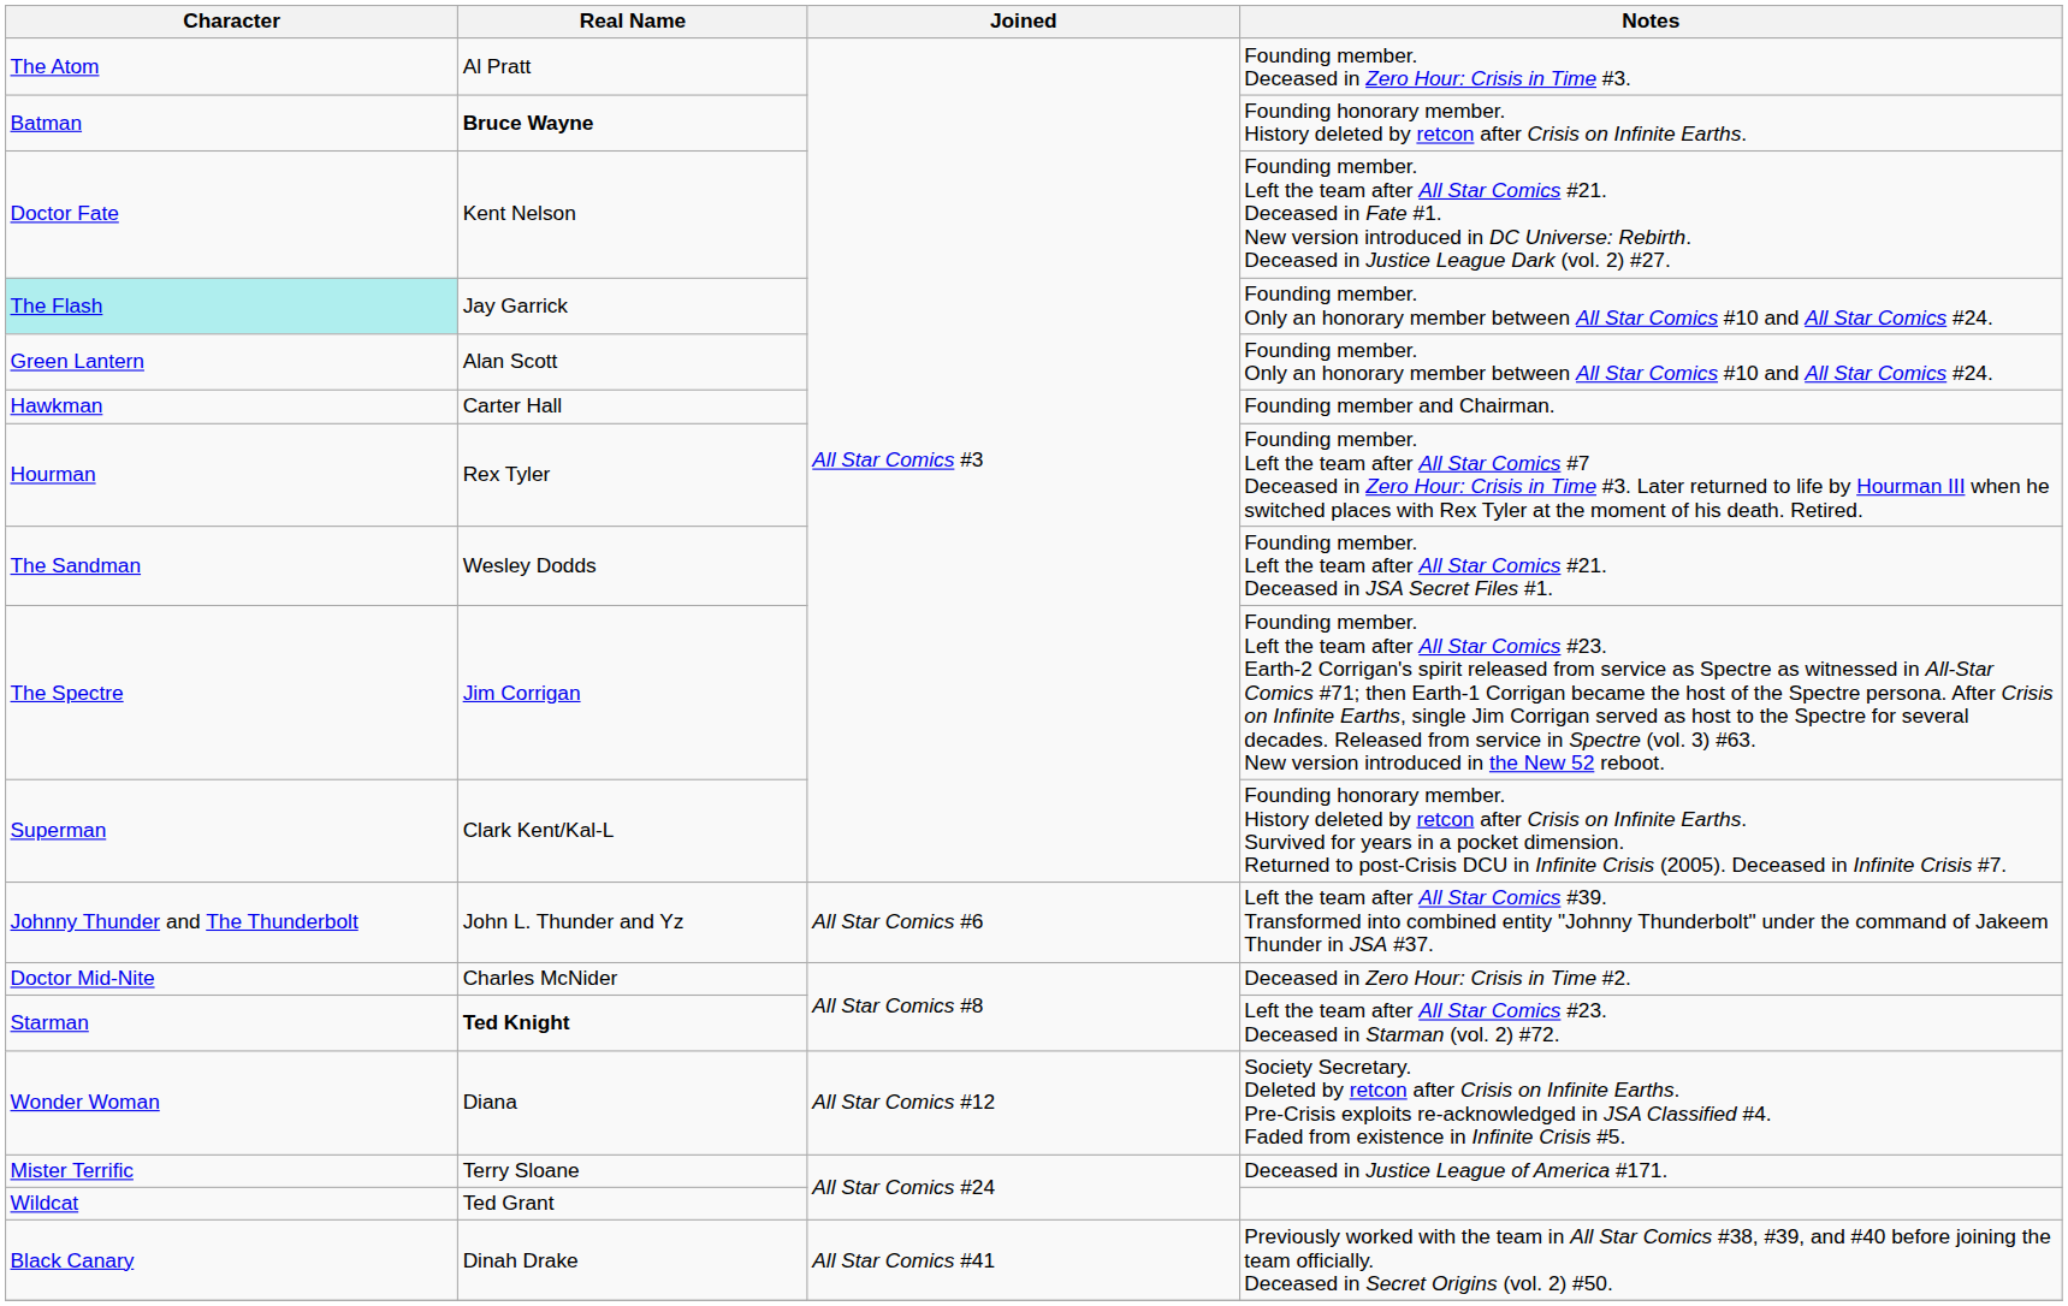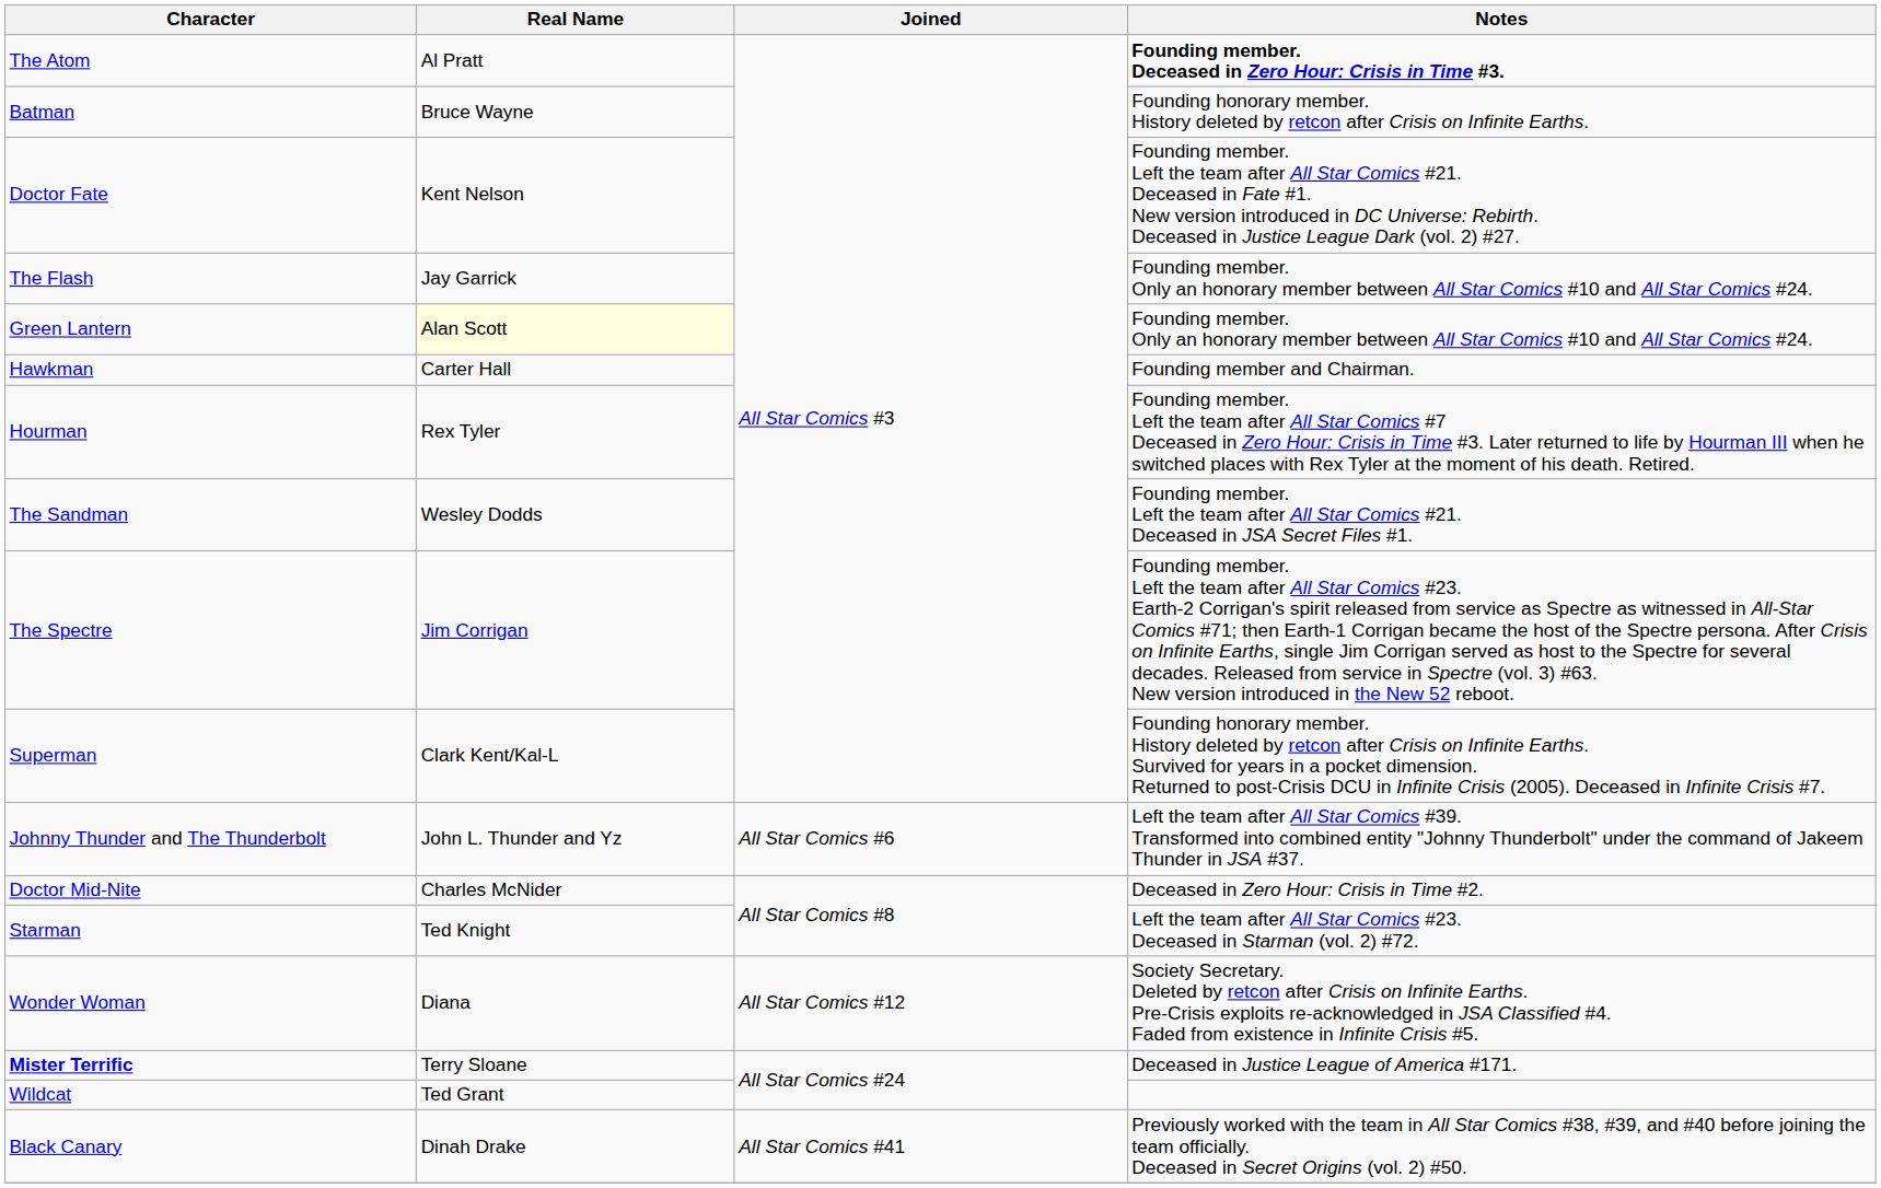 <table class="wikitable" width=100%>
 <tr>
 <th width=22%>Character</th>
 <th width=17%>Real Name</th>
 <th width=21%>Joined</th>
 <th width=40%>Notes</th>
 </tr>
 <tr>
 <td><a href='#'>The Atom</a></td>
 <td>Al Pratt</td>
 <td rowspan="10"><em><a href='#'>All Star Comics</a></em> #3</td>
-<td>Founding member. <br>Deceased in <em><a href='#'>Zero Hour: Crisis in Time</a></em> #3.</td>
+<td><strong>Founding member. <br>Deceased in <em><a href='#'>Zero Hour: Crisis in Time</a></em> #3.</strong></td>
 </tr>
 <tr>
 <td><a href='#'>Batman</a></td>
-<td><strong>Bruce Wayne</strong></td>
+<td>Bruce Wayne</td>
 <td>Founding honorary member. <br>History deleted by <a href='#'>retcon</a> after <em>Crisis on Infinite Earths</em>.</td>
 </tr>
 <tr>
 <td><a href='#'>Doctor Fate</a></td>
 <td>Kent Nelson</td>
 <td>Founding member. <br> Left the team after <em><a href='#'>All Star Comics</a></em> #21. <br>Deceased in <em>Fate</em> #1.<br>New version introduced in <em>DC Universe: Rebirth</em>.<br>Deceased in <em>Justice League Dark</em> (vol. 2) #27.</td>
 </tr>
 <tr>
-<td style="background: paleturquoise;"><a href='#'>The Flash</a></td>
+<td><a href='#'>The Flash</a></td>
 <td>Jay Garrick</td>
 <td>Founding member. <br> Only an honorary member between <em><a href='#'>All Star Comics</a></em> #10 and <em><a href='#'>All Star Comics</a></em> #24.</td>
 </tr>
 <tr>
 <td><a href='#'>Green Lantern</a></td>
-<td>Alan Scott</td>
+<td style="background: lightyellow;">Alan Scott</td>
 <td>Founding member. <br> Only an honorary member between <em><a href='#'>All Star Comics</a></em> #10 and <em><a href='#'>All Star Comics</a></em> #24.</td>
 </tr>
 <tr>
 <td><a href='#'>Hawkman</a></td>
 <td>Carter Hall</td>
 <td>Founding member and Chairman.</td>
 </tr>
 <tr>
 <td><a href='#'>Hourman</a></td>
 <td>Rex Tyler</td>
 <td>Founding member. <br> Left the team after <em><a href='#'>All Star Comics</a></em> #7 <br>Deceased in <em><a href='#'>Zero Hour: Crisis in Time</a></em> #3. Later returned to life by <a href='#'>Hourman III</a> when he switched places with Rex Tyler at the moment of his death. Retired.</td>
 </tr>
 <tr>
 <td><a href='#'>The Sandman</a></td>
 <td>Wesley Dodds</td>
 <td>Founding member. <br> Left the team after <em><a href='#'>All Star Comics</a></em> #21. <br>Deceased in <em>JSA Secret Files</em> #1.</td>
 </tr>
 <tr>
 <td><a href='#'>The Spectre</a></td>
 <td><a href='#'>Jim Corrigan</a></td>
 <td>Founding member. <br> Left the team after <em><a href='#'>All Star Comics</a></em> #23.<br>Earth-2 Corrigan's spirit released from service as Spectre as witnessed in <em>All-Star Comics</em> #71; then Earth-1 Corrigan became the host of the Spectre persona. After <em>Crisis on Infinite Earths</em>, single Jim Corrigan served as host to the Spectre for several decades. Released from service in <em>Spectre</em> (vol. 3) #63.<br>New version introduced in <a href='#'>the New 52</a> reboot.</td>
 </tr>
 <tr>
 <td><a href='#'>Superman</a></td>
 <td>Clark Kent/Kal-L</td>
 <td>Founding honorary member. <br>History deleted by <a href='#'>retcon</a> after <em>Crisis on Infinite Earths</em>. <br>Survived for years in a pocket dimension. <br>Returned to post-Crisis DCU in <em>Infinite Crisis</em> (2005). Deceased in <em>Infinite Crisis</em> #7.</td>
 </tr>
 <tr>
 <td><a href='#'>Johnny Thunder</a> and <a href='#'>The Thunderbolt</a></td>
 <td>John L. Thunder and Yz</td>
 <td><em>All Star Comics</em> #6</td>
 <td>Left the team after <em><a href='#'>All Star Comics</a></em> #39. <br>Transformed into combined entity "Johnny Thunderbolt" under the command of Jakeem Thunder in <em>JSA</em> #37.</td>
 </tr>
 <tr>
 <td><a href='#'>Doctor Mid-Nite</a></td>
 <td>Charles McNider</td>
 <td rowspan="2"><em>All Star Comics</em> #8</td>
 <td>Deceased in <em>Zero Hour: Crisis in Time</em> #2.</td>
 </tr>
 <tr>
 <td><a href='#'>Starman</a></td>
-<td><strong>Ted Knight</strong></td>
+<td>Ted Knight</td>
 <td>Left the team after <em><a href='#'>All Star Comics</a></em> #23. <br>Deceased in <em>Starman</em> (vol. 2) #72.</td>
 </tr>
 <tr>
 <td><a href='#'>Wonder Woman</a><br></td>
 <td>Diana</td>
 <td><em>All Star Comics</em> #12</td>
 <td>Society Secretary. <br>Deleted by <a href='#'>retcon</a> after <em>Crisis on Infinite Earths</em>.<br>Pre-Crisis exploits re-acknowledged in <em>JSA Classified</em> #4.<br>Faded from existence in <em>Infinite Crisis</em> #5.</td>
 </tr>
 <tr>
-<td><a href='#'>Mister Terrific</a></td>
+<td><strong><a href='#'>Mister Terrific</a></strong></td>
 <td>Terry Sloane</td>
 <td rowspan="2"><em>All Star Comics</em> #24</td>
 <td>Deceased in <em>Justice League of America</em> #171.</td>
 </tr>
 <tr>
 <td><a href='#'>Wildcat</a></td>
 <td>Ted Grant</td>
 <td></td>
 </tr>
 <tr>
 <td><a href='#'>Black Canary</a></td>
 <td>Dinah Drake</td>
 <td><em>All Star Comics</em> #41</td>
 <td>Previously worked with the team in <em>All Star Comics</em> #38, #39, and #40 before joining the team officially. <br>Deceased in <em>Secret Origins</em> (vol. 2) #50.</td>
 </tr>
 <tr>
 </tr>
 </table>
